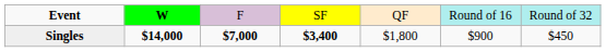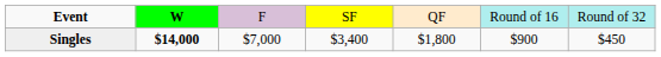 <table class=wikitable style=font-size:90%;text-align:center>
 <tr>
 <td width=130><strong>Event</strong></td>
 <td width=80 bgcolor=lime><strong>W</strong></td>
 <td width=85 bgcolor=thistle>F</td>
 <td width=85 bgcolor=ffff00>SF</td>
 <td width=85 bgcolor=ffebcd>QF</td>
 <td width=85 bgcolor=afeeee>Round of 16</td>
 <td width=85 bgcolor=afeeee>Round of 32</td>
 </tr>
 <tr>
 <th style=background:#efefef>Singles </th>
 <td><strong>$14,000</strong></td>
-<td><strong>$7,000</strong></td>
-<td><strong>$3,400</strong></td>
+<td>$7,000</td>
+<td>$3,400</td>
 <td>$1,800</td>
 <td>$900</td>
 <td>$450</td>
 </tr>
 </table>
